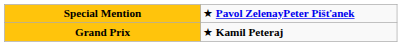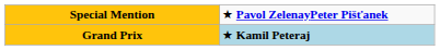 <table class=wikitable>
 <tr>
 <th style=background:#FFC40C width=273>Special Mention</th>
 <td width=273>★ <strong><a href='#'>Pavol Zelenay</a></strong><strong><a href='#'>Peter Pišťanek</a></strong></td>
 </tr>
 <tr>
 <th style=background:#FFC40C width=273>Grand Prix</th>
-<td width=273>★ <strong>Kamil Peteraj</strong></td>
+<td width=273 style="background: lightblue;">★ <strong>Kamil Peteraj</strong></td>
 </tr>
 </table>
